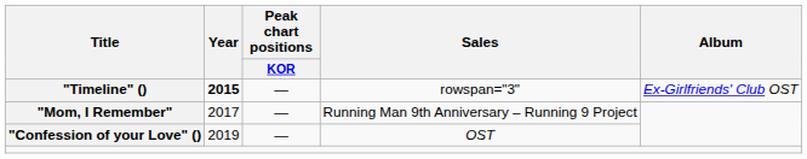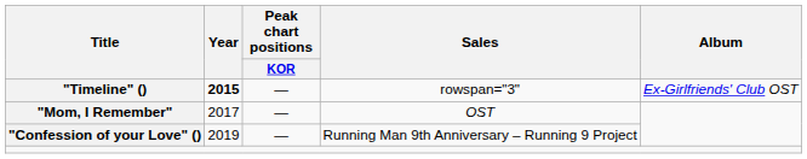 <table class="wikitable plainrowheaders" style="text-align:center;">
 <tr>
 <th rowspan="2" scope="col">Title</th>
 <th rowspan="2" scope="col">Year</th>
 <th colspan="1" scope="col" style="width:5em;">Peak chart positions</th>
 <th rowspan="2" scope="col">Sales</th>
 <th rowspan="2" scope="col">Album</th>
 </tr>
 <tr>
 <th style="font-size:90%"><a href='#'>KOR</a><br></th>
 </tr>
 <tr>
 <th scope="row">"Timeline" ()</th>
 <td><strong>2015</strong></td>
 <td>—</td>
 <td>rowspan="3" </td>
 <td><em><a href='#'>Ex-Girlfriends' Club</a> OST</em></td>
 </tr>
 <tr>
 <th scope="row">"Mom, I Remember"</th>
 <td>2017</td>
 <td>—</td>
-<td>Running Man 9th Anniversary – Running 9 Project</td>
+<td><em> OST</em></td>
 </tr>
 <tr>
 <th scope="row">"Confession of your Love" ()<br></th>
 <td>2019</td>
 <td>—</td>
-<td><em> OST</em></td>
+<td>Running Man 9th Anniversary – Running 9 Project</td>
 </tr>
 <tr>
 <td colspan="5"></td>
 </tr>
 </table>
